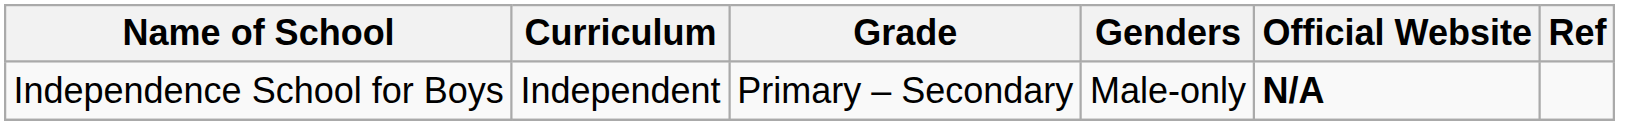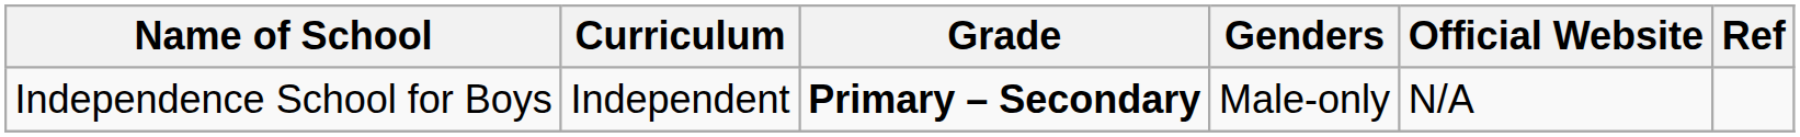 <table class="wikitable">
 <tr>
 <th>Name of School</th>
 <th>Curriculum</th>
 <th>Grade</th>
 <th>Genders</th>
 <th>Official Website</th>
 <th>Ref</th>
 </tr>
 <tr>
 <td>Independence School for Boys</td>
 <td>Independent</td>
-<td>Primary – Secondary</td>
+<td><strong>Primary – Secondary</strong></td>
 <td>Male-only</td>
-<td><strong>N/A</strong></td>
+<td>N/A</td>
 <td></td>
 </tr>
 <tr>
 </tr>
 </table>
